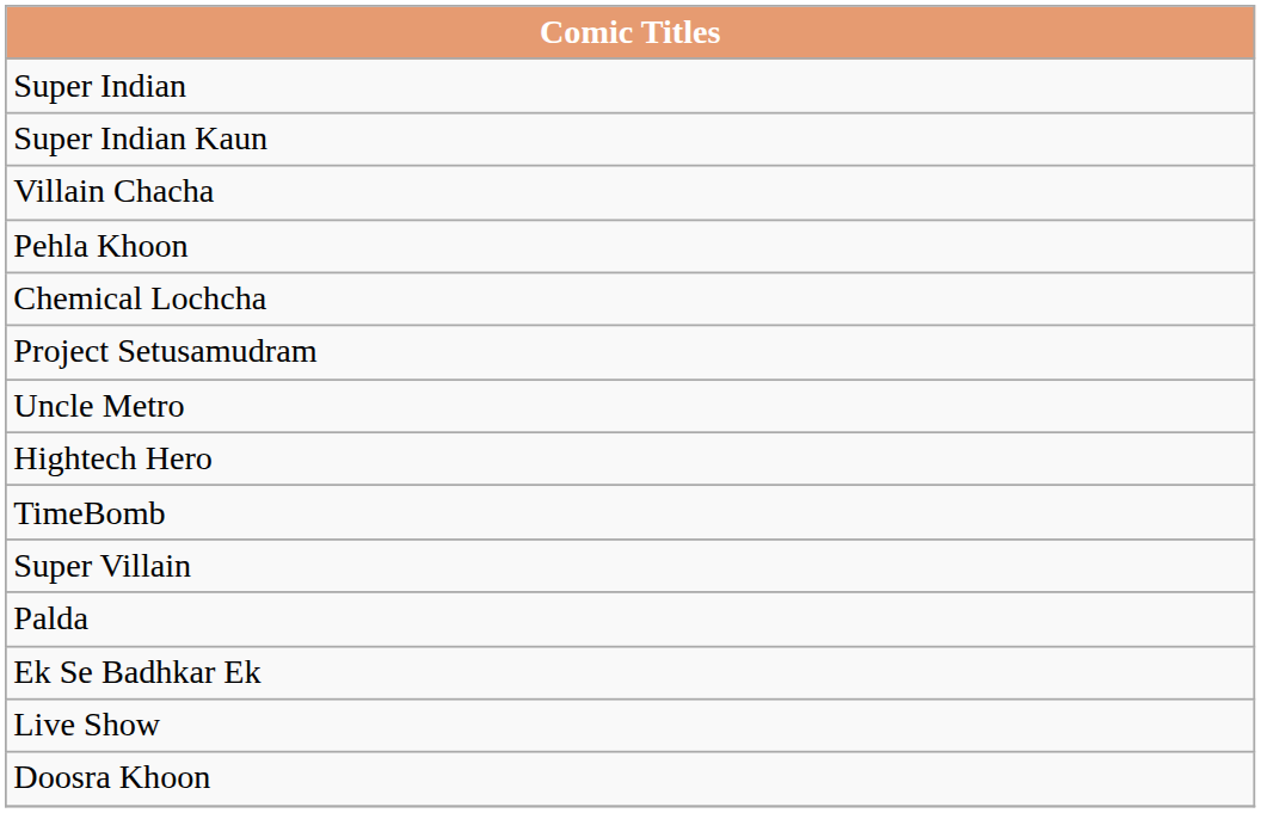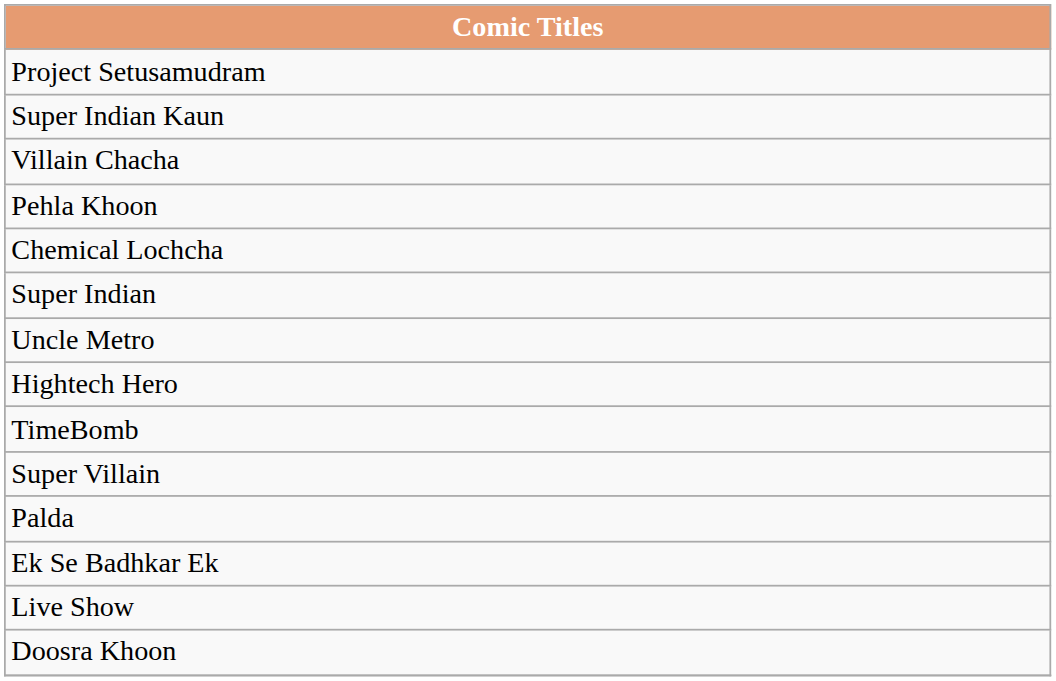 <table class="wikitable" style="width: 30%;">
 <tr>
 <th style="background: #E69B71; color: #FFF; width: 30%;">Comic Titles</th>
 </tr>
 <tr>
-<td>Super Indian</td>
+<td>Project Setusamudram</td>
 </tr>
 <tr>
 <td>Super Indian Kaun</td>
 </tr>
 <tr>
 <td>Villain Chacha</td>
 </tr>
 <tr>
 <td>Pehla Khoon</td>
 </tr>
 <tr>
 <td>Chemical Lochcha</td>
 </tr>
 <tr>
-<td>Project Setusamudram</td>
+<td>Super Indian</td>
 </tr>
 <tr>
 <td>Uncle Metro</td>
 </tr>
 <tr>
 <td>Hightech Hero</td>
 </tr>
 <tr>
 <td>TimeBomb</td>
 </tr>
 <tr>
 <td>Super Villain</td>
 </tr>
 <tr>
 <td>Palda</td>
 </tr>
 <tr>
 <td>Ek Se Badhkar Ek</td>
 </tr>
 <tr>
 <td>Live Show</td>
 </tr>
 <tr>
 <td>Doosra Khoon</td>
 </tr>
 <tr>
 </tr>
 </table>
